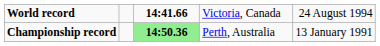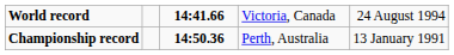 <table class="wikitable">
 <tr>
 <td><strong>World record</strong></td>
 <td style="padding-right:1em"></td>
 <td style="text-align:center;padding-left:1em; padding-right:1em;"><strong>14:41.66</strong></td>
 <td style="padding-right:1em"><a href='#'>Victoria</a>, Canada</td>
 <td align=right>24 August 1994</td>
 </tr>
 <tr>
 <td><strong>Championship record</strong></td>
 <td style="padding-right:1em"></td>
-<td style="background: lightgreen; text-align:center;padding-left:1em; padding-right:1em;"><strong>14:50.36</strong></td>
+<td style="text-align:center;padding-left:1em; padding-right:1em;"><strong>14:50.36</strong></td>
 <td style="padding-right:1em"><a href='#'>Perth</a>, Australia</td>
 <td align=right>13 January 1991</td>
 </tr>
 </table>
